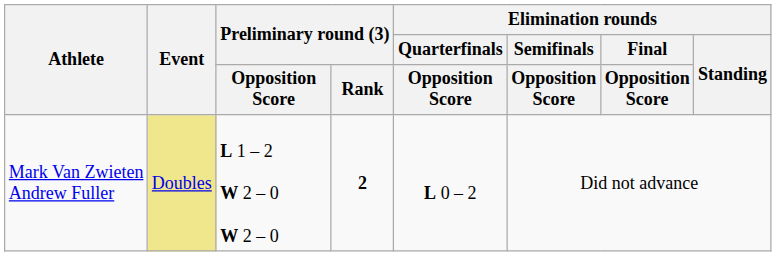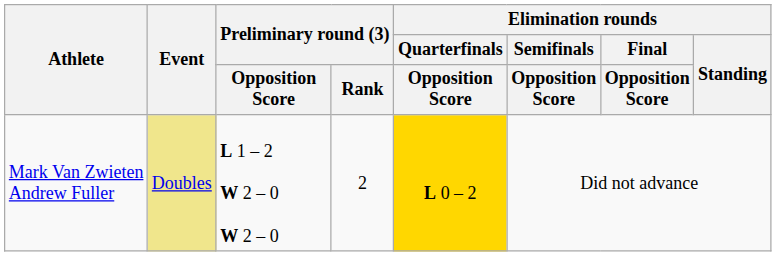 <table class="wikitable" style="font-size:90%">
 <tr>
 <th rowspan=3>Athlete</th>
 <th rowspan=3>Event</th>
 <th rowspan=2 colspan=2>Preliminary round (3)</th>
 <th colspan=4>Elimination rounds</th>
 </tr>
 <tr>
 <th>Quarterfinals</th>
 <th>Semifinals</th>
 <th>Final</th>
 <th rowspan=2>Standing</th>
 </tr>
 <tr>
 <th>Opposition <br> Score</th>
 <th>Rank</th>
 <th>Opposition <br> Score</th>
 <th>Opposition <br> Score</th>
 <th>Opposition <br> Score</th>
 </tr>
 <tr align=center>
 <td align=left><a href='#'>Mark Van Zwieten</a><br><a href='#'>Andrew Fuller</a></td>
 <td align=left style="background: khaki;"><a href='#'>Doubles</a></td>
 <td align=left><br><strong>L</strong> 1 – 2 <br><br><strong>W</strong> 2 – 0<br><br><strong>W</strong> 2 – 0</td>
-<td><strong>2</strong></td>
-<td><br><strong>L</strong> 0 – 2</td>
+<td>2</td>
+<td style="background: gold;"><br><strong>L</strong> 0 – 2</td>
 <td colspan=3>Did not advance</td>
 </tr>
 </table>
